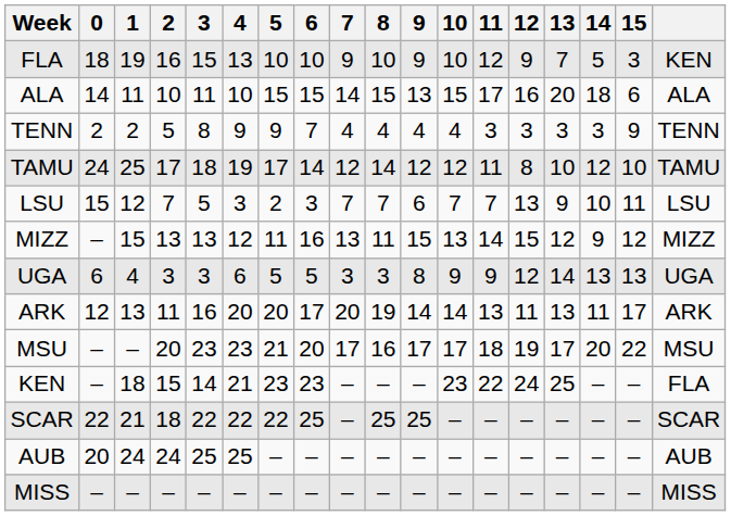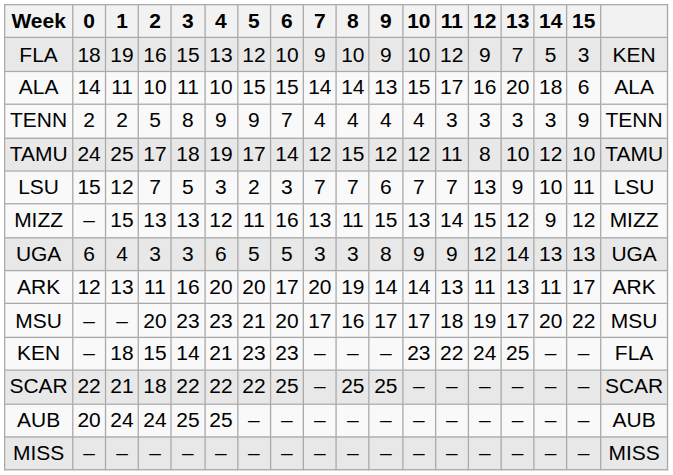 <table class="wikitable sortable" style="text-align:center">
 <tr>
 <th>Week</th>
 <th>0</th>
 <th>1</th>
 <th>2</th>
 <th>3</th>
 <th>4</th>
 <th>5</th>
 <th>6</th>
 <th>7</th>
 <th>8</th>
 <th>9</th>
 <th>10</th>
 <th>11</th>
 <th>12</th>
 <th>13</th>
 <th>14</th>
 <th>15</th>
 <th class=unsortable></th>
 </tr>
 <tr style="background-color:#E8E8E8">
 <td>FLA</td>
 <td>18</td>
 <td>19</td>
 <td>16</td>
 <td>15</td>
 <td>13</td>
-<td>10</td>
+<td>12</td>
 <td>10</td>
 <td>9</td>
 <td>10</td>
 <td>9</td>
 <td>10</td>
 <td>12</td>
 <td>9</td>
 <td>7</td>
 <td>5</td>
 <td>3</td>
 <td>KEN</td>
 </tr>
 <tr>
 <td>ALA</td>
 <td>14</td>
 <td>11</td>
 <td>10</td>
 <td>11</td>
 <td>10</td>
 <td>15</td>
 <td>15</td>
 <td>14</td>
-<td>15</td>
+<td>14</td>
 <td>13</td>
 <td>15</td>
 <td>17</td>
 <td>16</td>
 <td>20</td>
 <td>18</td>
 <td>6</td>
 <td>ALA</td>
 </tr>
 <tr>
 <td>TENN</td>
 <td>2</td>
 <td>2</td>
 <td>5</td>
 <td>8</td>
 <td>9</td>
 <td>9</td>
 <td>7</td>
 <td>4</td>
 <td>4</td>
 <td>4</td>
 <td>4</td>
 <td>3</td>
 <td>3</td>
 <td>3</td>
 <td>3</td>
 <td>9</td>
 <td>TENN</td>
 </tr>
 <tr style="background-color:#E8E8E8">
 <td data-sort-value=TEX>TAMU</td>
 <td>24</td>
 <td>25</td>
 <td>17</td>
 <td>18</td>
 <td>19</td>
 <td>17</td>
 <td>14</td>
 <td>12</td>
-<td>14</td>
+<td>15</td>
 <td>12</td>
 <td>12</td>
 <td>11</td>
 <td>8</td>
 <td>10</td>
 <td>12</td>
 <td>10</td>
 <td>TAMU</td>
 </tr>
 <tr>
 <td>LSU</td>
 <td>15</td>
 <td>12</td>
 <td>7</td>
 <td>5</td>
 <td>3</td>
 <td>2</td>
 <td>3</td>
 <td>7</td>
 <td>7</td>
 <td>6</td>
 <td>7</td>
 <td>7</td>
 <td>13</td>
 <td>9</td>
 <td>10</td>
 <td>11</td>
 <td>LSU</td>
 </tr>
 <tr>
 <td data-sort-value=MO>MIZZ</td>
 <td data-sort-value=26>–</td>
 <td>15</td>
 <td>13</td>
 <td>13</td>
 <td>12</td>
 <td>11</td>
 <td>16</td>
 <td>13</td>
 <td>11</td>
 <td>15</td>
 <td>13</td>
 <td>14</td>
 <td>15</td>
 <td>12</td>
 <td>9</td>
 <td>12</td>
 <td>MIZZ</td>
 </tr>
 <tr style="background-color:#E8E8E8">
 <td data-sort-value=G>UGA</td>
 <td>6</td>
 <td>4</td>
 <td>3</td>
 <td>3</td>
 <td>6</td>
 <td>5</td>
 <td>5</td>
 <td>3</td>
 <td>3</td>
 <td>8</td>
 <td>9</td>
 <td>9</td>
 <td>12</td>
 <td>14</td>
 <td>13</td>
 <td>13</td>
 <td>UGA</td>
 </tr>
 <tr>
 <td>ARK</td>
 <td>12</td>
 <td>13</td>
 <td>11</td>
 <td>16</td>
 <td>20</td>
 <td>20</td>
 <td>17</td>
 <td>20</td>
 <td>19</td>
 <td>14</td>
 <td>14</td>
 <td>13</td>
 <td>11</td>
 <td>13</td>
 <td>11</td>
 <td>17</td>
 <td>ARK</td>
 </tr>
 <tr>
 <td>MSU</td>
 <td data-sort-value=27>–</td>
 <td data-sort-value=27>–</td>
 <td>20</td>
 <td>23</td>
 <td>23</td>
 <td>21</td>
 <td>20</td>
 <td>17</td>
 <td>16</td>
 <td>17</td>
 <td>17</td>
 <td>18</td>
 <td>19</td>
 <td>17</td>
 <td>20</td>
 <td>22</td>
 <td>MSU</td>
 </tr>
 <tr>
 <td>KEN</td>
 <td data-sort-value=28>–</td>
 <td>18</td>
 <td>15</td>
 <td>14</td>
 <td>21</td>
 <td>23</td>
 <td>23</td>
 <td data-sort-value=28>–</td>
 <td data-sort-value=28>–</td>
 <td data-sort-value=28>–</td>
 <td>23</td>
 <td>22</td>
 <td>24</td>
 <td>25</td>
 <td data-sort-value=28>–</td>
 <td data-sort-value=28>–</td>
 <td>FLA</td>
 </tr>
 <tr style="background-color:#E8E8E8">
 <td>SCAR</td>
 <td>22</td>
 <td>21</td>
 <td>18</td>
 <td>22</td>
 <td>22</td>
 <td>22</td>
 <td>25</td>
 <td data-sort-value=29>–</td>
 <td>25</td>
 <td>25</td>
 <td data-sort-value=29>–</td>
 <td data-sort-value=29>–</td>
 <td data-sort-value=29>–</td>
 <td data-sort-value=29>–</td>
 <td data-sort-value=29>–</td>
 <td data-sort-value=29>–</td>
 <td>SCAR</td>
 </tr>
 <tr>
 <td>AUB</td>
 <td>20</td>
 <td>24</td>
 <td>24</td>
 <td>25</td>
 <td>25</td>
 <td data-sort-value=30>–</td>
 <td data-sort-value=30>–</td>
 <td data-sort-value=30>–</td>
 <td data-sort-value=30>–</td>
 <td data-sort-value=30>–</td>
 <td data-sort-value=30>–</td>
 <td data-sort-value=30>–</td>
 <td data-sort-value=30>–</td>
 <td data-sort-value=30>–</td>
 <td data-sort-value=30>–</td>
 <td data-sort-value=30>–</td>
 <td>AUB</td>
 </tr>
 <tr style="background-color:#E8E8E8">
 <td data-sort-value=O>MISS</td>
 <td data-sort-value=31>–</td>
 <td data-sort-value=31>–</td>
 <td data-sort-value=31>–</td>
 <td data-sort-value=31>–</td>
 <td data-sort-value=31>–</td>
 <td data-sort-value=31>–</td>
 <td data-sort-value=31>–</td>
 <td data-sort-value=31>–</td>
 <td data-sort-value=31>–</td>
 <td data-sort-value=31>–</td>
 <td data-sort-value=31>–</td>
 <td data-sort-value=31>–</td>
 <td data-sort-value=31>–</td>
 <td data-sort-value=31>–</td>
 <td data-sort-value=31>–</td>
 <td data-sort-value=31>–</td>
 <td>MISS</td>
 </tr>
 </table>
